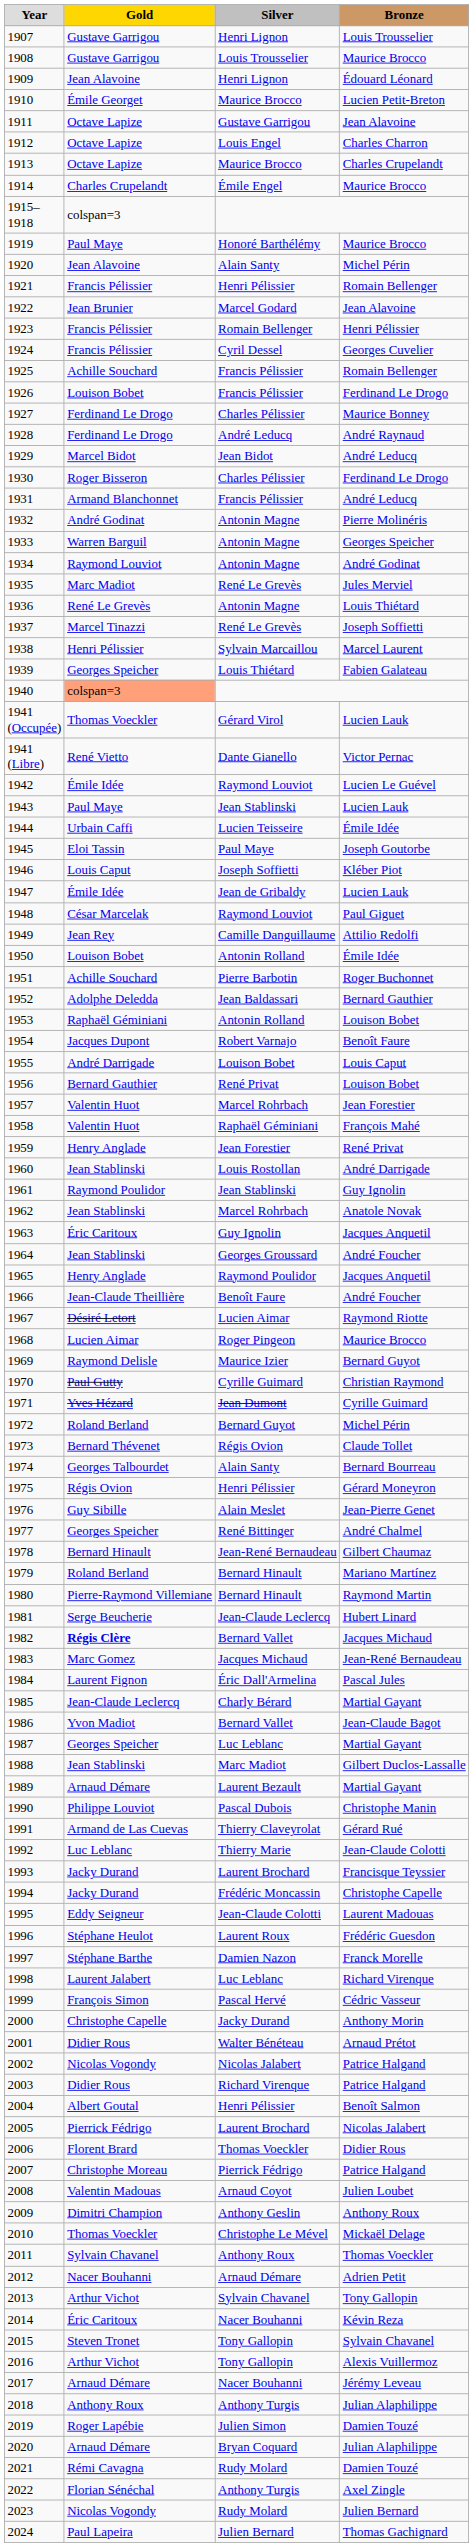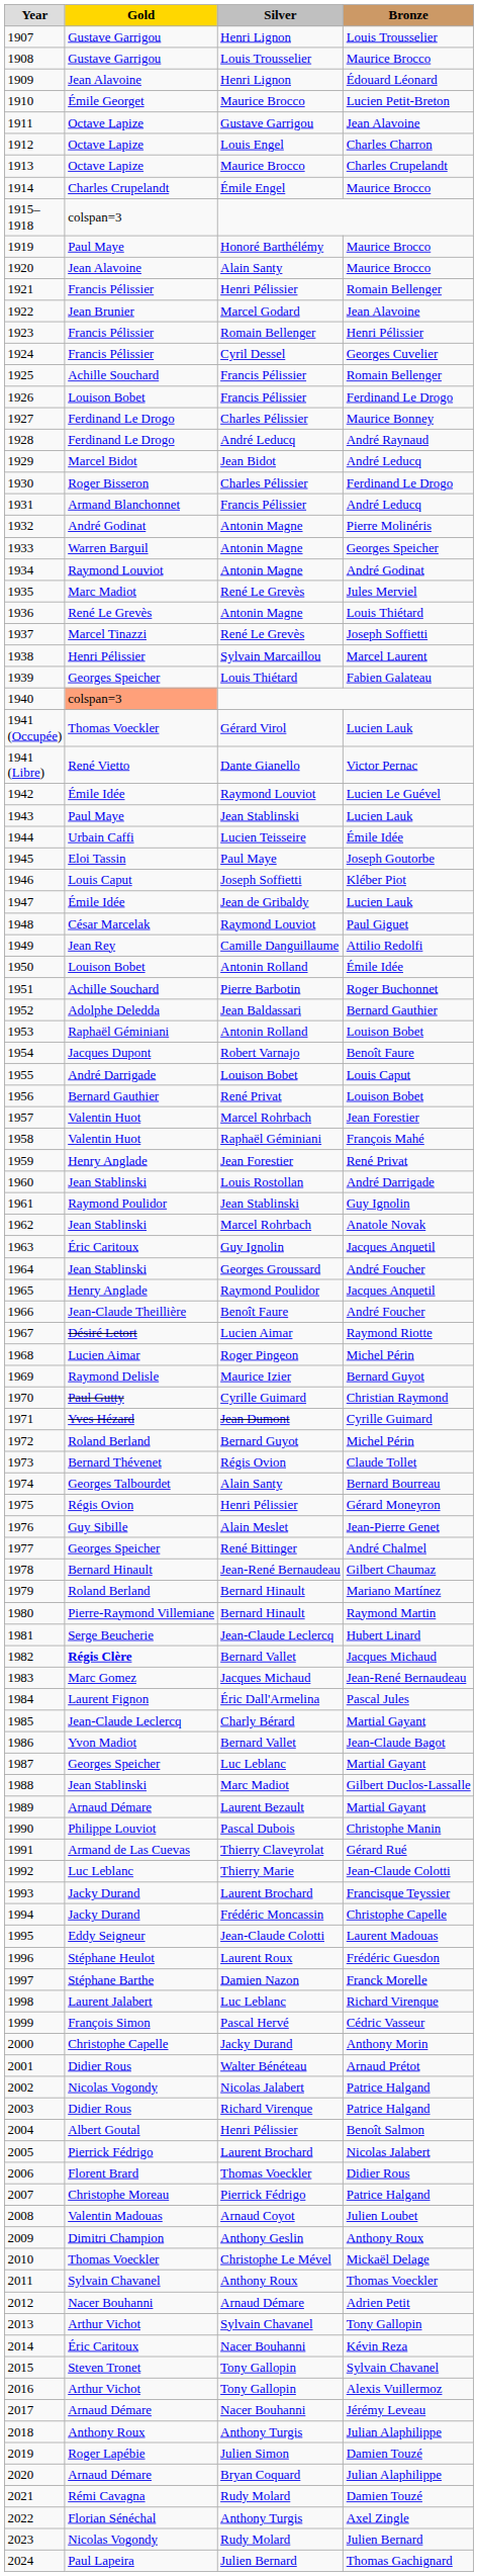 <table class="wikitable sortable" style="font-size:95%">
 <tr style="text-align:center; background:#e4e4e4; font-weight:bold;">
 <td style="background:#ddd; ">Year</td>
 <td style="background:gold; ">Gold</td>
 <td style="background:silver; ">Silver</td>
 <td style="background:#c96; ">Bronze</td>
 </tr>
 <tr>
 <td>1907</td>
 <td><a href='#'>Gustave Garrigou</a></td>
 <td><a href='#'>Henri Lignon</a></td>
 <td><a href='#'>Louis Trousselier</a></td>
 </tr>
 <tr>
 <td>1908</td>
 <td><a href='#'>Gustave Garrigou</a></td>
 <td><a href='#'>Louis Trousselier</a></td>
 <td><a href='#'>Maurice Brocco</a></td>
 </tr>
 <tr>
 <td>1909</td>
 <td><a href='#'>Jean Alavoine</a></td>
 <td><a href='#'>Henri Lignon</a></td>
 <td><a href='#'>Édouard Léonard</a></td>
 </tr>
 <tr>
 <td>1910</td>
 <td><a href='#'>Émile Georget</a></td>
 <td><a href='#'>Maurice Brocco</a></td>
 <td><a href='#'>Lucien Petit-Breton</a></td>
 </tr>
 <tr>
 <td>1911</td>
 <td><a href='#'>Octave Lapize</a></td>
 <td><a href='#'>Gustave Garrigou</a></td>
 <td><a href='#'>Jean Alavoine</a></td>
 </tr>
 <tr>
 <td>1912</td>
 <td><a href='#'>Octave Lapize</a></td>
 <td><a href='#'>Louis Engel</a></td>
 <td><a href='#'>Charles Charron</a></td>
 </tr>
 <tr>
 <td>1913</td>
 <td><a href='#'>Octave Lapize</a></td>
 <td><a href='#'>Maurice Brocco</a></td>
 <td><a href='#'>Charles Crupelandt</a></td>
 </tr>
 <tr>
 <td>1914</td>
 <td><a href='#'>Charles Crupelandt</a></td>
 <td><a href='#'>Émile Engel</a></td>
 <td><a href='#'>Maurice Brocco</a></td>
 </tr>
 <tr>
 <td>1915–<br>1918</td>
 <td>colspan=3 </td>
 </tr>
 <tr>
 <td>1919</td>
 <td><a href='#'>Paul Maye</a></td>
 <td><a href='#'>Honoré Barthélémy</a></td>
 <td><a href='#'>Maurice Brocco</a></td>
 </tr>
 <tr>
 <td>1920</td>
 <td><a href='#'>Jean Alavoine</a></td>
 <td><a href='#'>Alain Santy</a></td>
-<td><a href='#'>Michel Périn</a></td>
+<td><a href='#'>Maurice Brocco</a></td>
 </tr>
 <tr>
 <td>1921</td>
 <td><a href='#'>Francis Pélissier</a></td>
 <td><a href='#'>Henri Pélissier</a></td>
 <td><a href='#'>Romain Bellenger</a></td>
 </tr>
 <tr>
 <td>1922</td>
 <td><a href='#'>Jean Brunier</a></td>
 <td><a href='#'>Marcel Godard</a></td>
 <td><a href='#'>Jean Alavoine</a></td>
 </tr>
 <tr>
 <td>1923</td>
 <td><a href='#'>Francis Pélissier</a></td>
 <td><a href='#'>Romain Bellenger</a></td>
 <td><a href='#'>Henri Pélissier</a></td>
 </tr>
 <tr>
 <td>1924</td>
 <td><a href='#'>Francis Pélissier</a></td>
 <td><a href='#'>Cyril Dessel</a></td>
 <td><a href='#'>Georges Cuvelier</a></td>
 </tr>
 <tr>
 <td>1925</td>
 <td><a href='#'>Achille Souchard</a></td>
 <td><a href='#'>Francis Pélissier</a></td>
 <td><a href='#'>Romain Bellenger</a></td>
 </tr>
 <tr>
 <td>1926</td>
 <td><a href='#'>Louison Bobet</a></td>
 <td><a href='#'>Francis Pélissier</a></td>
 <td><a href='#'>Ferdinand Le Drogo</a></td>
 </tr>
 <tr>
 <td>1927</td>
 <td><a href='#'>Ferdinand Le Drogo</a></td>
 <td><a href='#'>Charles Pélissier</a></td>
 <td><a href='#'>Maurice Bonney</a></td>
 </tr>
 <tr>
 <td>1928</td>
 <td><a href='#'>Ferdinand Le Drogo</a></td>
 <td><a href='#'>André Leducq</a></td>
 <td><a href='#'>André Raynaud</a></td>
 </tr>
 <tr>
 <td>1929</td>
 <td><a href='#'>Marcel Bidot</a></td>
 <td><a href='#'>Jean Bidot</a></td>
 <td><a href='#'>André Leducq</a></td>
 </tr>
 <tr>
 <td>1930</td>
 <td><a href='#'>Roger Bisseron</a></td>
 <td><a href='#'>Charles Pélissier</a></td>
 <td><a href='#'>Ferdinand Le Drogo</a></td>
 </tr>
 <tr>
 <td>1931</td>
 <td><a href='#'>Armand Blanchonnet</a></td>
 <td><a href='#'>Francis Pélissier</a></td>
 <td><a href='#'>André Leducq</a></td>
 </tr>
 <tr>
 <td>1932</td>
 <td><a href='#'>André Godinat</a></td>
 <td><a href='#'>Antonin Magne</a></td>
 <td><a href='#'>Pierre Molinéris</a></td>
 </tr>
 <tr>
 <td>1933</td>
 <td><a href='#'>Warren Barguil</a></td>
 <td><a href='#'>Antonin Magne</a></td>
 <td><a href='#'>Georges Speicher</a></td>
 </tr>
 <tr>
 <td>1934</td>
 <td><a href='#'>Raymond Louviot</a></td>
 <td><a href='#'>Antonin Magne</a></td>
 <td><a href='#'>André Godinat</a></td>
 </tr>
 <tr>
 <td>1935</td>
 <td><a href='#'>Marc Madiot</a></td>
 <td><a href='#'>René Le Grevès</a></td>
 <td><a href='#'>Jules Merviel</a></td>
 </tr>
 <tr>
 <td>1936</td>
 <td><a href='#'>René Le Grevès</a></td>
 <td><a href='#'>Antonin Magne</a></td>
 <td><a href='#'>Louis Thiétard</a></td>
 </tr>
 <tr>
 <td>1937</td>
 <td><a href='#'>Marcel Tinazzi</a></td>
 <td><a href='#'>René Le Grevès</a></td>
 <td><a href='#'>Joseph Soffietti</a></td>
 </tr>
 <tr>
 <td>1938</td>
 <td><a href='#'>Henri Pélissier</a></td>
 <td><a href='#'>Sylvain Marcaillou</a></td>
 <td><a href='#'>Marcel Laurent</a></td>
 </tr>
 <tr>
 <td>1939</td>
 <td><a href='#'>Georges Speicher</a></td>
 <td><a href='#'>Louis Thiétard</a></td>
 <td><a href='#'>Fabien Galateau</a></td>
 </tr>
 <tr>
 <td>1940</td>
 <td style="background: lightsalmon;">colspan=3 </td>
 </tr>
 <tr>
 <td>1941<br>(<a href='#'>Occupée</a>)</td>
 <td><a href='#'>Thomas Voeckler</a></td>
 <td><a href='#'>Gérard Virol</a></td>
 <td><a href='#'>Lucien Lauk</a></td>
 </tr>
 <tr>
 <td>1941<br>(<a href='#'>Libre</a>)</td>
 <td><a href='#'>René Vietto</a></td>
 <td><a href='#'>Dante Gianello</a></td>
 <td><a href='#'>Victor Pernac</a></td>
 </tr>
 <tr>
 <td>1942</td>
 <td><a href='#'>Émile Idée</a></td>
 <td><a href='#'>Raymond Louviot</a></td>
 <td><a href='#'>Lucien Le Guével</a></td>
 </tr>
 <tr>
 <td>1943</td>
 <td><a href='#'>Paul Maye</a></td>
 <td><a href='#'>Jean Stablinski</a></td>
 <td><a href='#'>Lucien Lauk</a></td>
 </tr>
 <tr>
 <td>1944</td>
 <td><a href='#'>Urbain Caffi</a></td>
 <td><a href='#'>Lucien Teisseire</a></td>
 <td><a href='#'>Émile Idée</a></td>
 </tr>
 <tr>
 <td>1945</td>
 <td><a href='#'>Eloi Tassin</a></td>
 <td><a href='#'>Paul Maye</a></td>
 <td><a href='#'>Joseph Goutorbe</a></td>
 </tr>
 <tr>
 <td>1946</td>
 <td><a href='#'>Louis Caput</a></td>
 <td><a href='#'>Joseph Soffietti</a></td>
 <td><a href='#'>Kléber Piot</a></td>
 </tr>
 <tr>
 <td>1947</td>
 <td><a href='#'>Émile Idée</a></td>
 <td><a href='#'>Jean de Gribaldy</a></td>
 <td><a href='#'>Lucien Lauk</a></td>
 </tr>
 <tr>
 <td>1948</td>
 <td><a href='#'>César Marcelak</a></td>
 <td><a href='#'>Raymond Louviot</a></td>
 <td><a href='#'>Paul Giguet</a></td>
 </tr>
 <tr>
 <td>1949</td>
 <td><a href='#'>Jean Rey</a></td>
 <td><a href='#'>Camille Danguillaume</a></td>
 <td><a href='#'>Attilio Redolfi</a></td>
 </tr>
 <tr>
 <td>1950</td>
 <td><a href='#'>Louison Bobet</a></td>
 <td><a href='#'>Antonin Rolland</a></td>
 <td><a href='#'>Émile Idée</a></td>
 </tr>
 <tr>
 <td>1951</td>
 <td><a href='#'>Achille Souchard</a></td>
 <td><a href='#'>Pierre Barbotin</a></td>
 <td><a href='#'>Roger Buchonnet</a></td>
 </tr>
 <tr>
 <td>1952</td>
 <td><a href='#'>Adolphe Deledda</a></td>
 <td><a href='#'>Jean Baldassari</a></td>
 <td><a href='#'>Bernard Gauthier</a></td>
 </tr>
 <tr>
 <td>1953</td>
 <td><a href='#'>Raphaël Géminiani</a></td>
 <td><a href='#'>Antonin Rolland</a></td>
 <td><a href='#'>Louison Bobet</a></td>
 </tr>
 <tr>
 <td>1954</td>
 <td><a href='#'>Jacques Dupont</a></td>
 <td><a href='#'>Robert Varnajo</a></td>
 <td><a href='#'>Benoît Faure</a></td>
 </tr>
 <tr>
 <td>1955</td>
 <td><a href='#'>André Darrigade</a></td>
 <td><a href='#'>Louison Bobet</a></td>
 <td><a href='#'>Louis Caput</a></td>
 </tr>
 <tr>
 <td>1956</td>
 <td><a href='#'>Bernard Gauthier</a></td>
 <td><a href='#'>René Privat</a></td>
 <td><a href='#'>Louison Bobet</a></td>
 </tr>
 <tr>
 <td>1957</td>
 <td><a href='#'>Valentin Huot</a></td>
 <td><a href='#'>Marcel Rohrbach</a></td>
 <td><a href='#'>Jean Forestier</a></td>
 </tr>
 <tr>
 <td>1958</td>
 <td><a href='#'>Valentin Huot</a></td>
 <td><a href='#'>Raphaël Géminiani</a></td>
 <td><a href='#'>François Mahé</a></td>
 </tr>
 <tr>
 <td>1959</td>
 <td><a href='#'>Henry Anglade</a></td>
 <td><a href='#'>Jean Forestier</a></td>
 <td><a href='#'>René Privat</a></td>
 </tr>
 <tr>
 <td>1960</td>
 <td><a href='#'>Jean Stablinski</a></td>
 <td><a href='#'>Louis Rostollan</a></td>
 <td><a href='#'>André Darrigade</a></td>
 </tr>
 <tr>
 <td>1961</td>
 <td><a href='#'>Raymond Poulidor</a></td>
 <td><a href='#'>Jean Stablinski</a></td>
 <td><a href='#'>Guy Ignolin</a></td>
 </tr>
 <tr>
 <td>1962</td>
 <td><a href='#'>Jean Stablinski</a></td>
 <td><a href='#'>Marcel Rohrbach</a></td>
 <td><a href='#'>Anatole Novak</a></td>
 </tr>
 <tr>
 <td>1963</td>
 <td><a href='#'>Éric Caritoux</a></td>
 <td><a href='#'>Guy Ignolin</a></td>
 <td><a href='#'>Jacques Anquetil</a></td>
 </tr>
 <tr>
 <td>1964</td>
 <td><a href='#'>Jean Stablinski</a></td>
 <td><a href='#'>Georges Groussard</a></td>
 <td><a href='#'>André Foucher</a></td>
 </tr>
 <tr>
 <td>1965</td>
 <td><a href='#'>Henry Anglade</a></td>
 <td><a href='#'>Raymond Poulidor</a></td>
 <td><a href='#'>Jacques Anquetil</a></td>
 </tr>
 <tr>
 <td>1966</td>
 <td><a href='#'>Jean-Claude Theillière</a></td>
 <td><a href='#'>Benoît Faure</a></td>
 <td><a href='#'>André Foucher</a></td>
 </tr>
 <tr>
 <td>1967</td>
 <td><s><a href='#'>Désiré Letort</a></s></td>
 <td><a href='#'>Lucien Aimar</a></td>
 <td><a href='#'>Raymond Riotte</a></td>
 </tr>
 <tr>
 <td>1968</td>
 <td><a href='#'>Lucien Aimar</a></td>
 <td><a href='#'>Roger Pingeon</a></td>
-<td><a href='#'>Maurice Brocco</a></td>
+<td><a href='#'>Michel Périn</a></td>
 </tr>
 <tr>
 <td>1969</td>
 <td><a href='#'>Raymond Delisle</a></td>
 <td><a href='#'>Maurice Izier</a></td>
 <td><a href='#'>Bernard Guyot</a></td>
 </tr>
 <tr>
 <td>1970</td>
 <td><s><a href='#'>Paul Gutty</a></s></td>
 <td><a href='#'>Cyrille Guimard</a></td>
 <td><a href='#'>Christian Raymond</a></td>
 </tr>
 <tr>
 <td>1971</td>
 <td><s><a href='#'>Yves Hézard</a></s></td>
 <td><s><a href='#'>Jean Dumont</a></s></td>
 <td><a href='#'>Cyrille Guimard</a></td>
 </tr>
 <tr>
 <td>1972</td>
 <td><a href='#'>Roland Berland</a></td>
 <td><a href='#'>Bernard Guyot</a></td>
 <td><a href='#'>Michel Périn</a></td>
 </tr>
 <tr>
 <td>1973</td>
 <td><a href='#'>Bernard Thévenet</a></td>
 <td><a href='#'>Régis Ovion</a></td>
 <td><a href='#'>Claude Tollet</a></td>
 </tr>
 <tr>
 <td>1974</td>
 <td><a href='#'>Georges Talbourdet</a></td>
 <td><a href='#'>Alain Santy</a></td>
 <td><a href='#'>Bernard Bourreau</a></td>
 </tr>
 <tr>
 <td>1975</td>
 <td><a href='#'>Régis Ovion</a></td>
 <td><a href='#'>Henri Pélissier</a></td>
 <td><a href='#'>Gérard Moneyron</a></td>
 </tr>
 <tr>
 <td>1976</td>
 <td><a href='#'>Guy Sibille</a></td>
 <td><a href='#'>Alain Meslet</a></td>
 <td><a href='#'>Jean-Pierre Genet</a></td>
 </tr>
 <tr>
 <td>1977</td>
 <td><a href='#'>Georges Speicher</a></td>
 <td><a href='#'>René Bittinger</a></td>
 <td><a href='#'>André Chalmel</a></td>
 </tr>
 <tr>
 <td>1978</td>
 <td><a href='#'>Bernard Hinault</a></td>
 <td><a href='#'>Jean-René Bernaudeau</a></td>
 <td><a href='#'>Gilbert Chaumaz</a></td>
 </tr>
 <tr>
 <td>1979</td>
 <td><a href='#'>Roland Berland</a></td>
 <td><a href='#'>Bernard Hinault</a></td>
 <td><a href='#'>Mariano Martínez</a></td>
 </tr>
 <tr>
 <td>1980</td>
 <td><a href='#'>Pierre-Raymond Villemiane</a></td>
 <td><a href='#'>Bernard Hinault</a></td>
 <td><a href='#'>Raymond Martin</a></td>
 </tr>
 <tr>
 <td>1981</td>
 <td><a href='#'>Serge Beucherie</a></td>
 <td><a href='#'>Jean-Claude Leclercq</a></td>
 <td><a href='#'>Hubert Linard</a></td>
 </tr>
 <tr>
 <td>1982</td>
 <td><strong><a href='#'>Régis Clère</a></strong></td>
 <td><a href='#'>Bernard Vallet</a></td>
 <td><a href='#'>Jacques Michaud</a></td>
 </tr>
 <tr>
 <td>1983</td>
 <td><a href='#'>Marc Gomez</a></td>
 <td><a href='#'>Jacques Michaud</a></td>
 <td><a href='#'>Jean-René Bernaudeau</a></td>
 </tr>
 <tr>
 <td>1984</td>
 <td><a href='#'>Laurent Fignon</a></td>
 <td><a href='#'>Éric Dall'Armelina</a></td>
 <td><a href='#'>Pascal Jules</a></td>
 </tr>
 <tr>
 <td>1985</td>
 <td><a href='#'>Jean-Claude Leclercq</a></td>
 <td><a href='#'>Charly Bérard</a></td>
 <td><a href='#'>Martial Gayant</a></td>
 </tr>
 <tr>
 <td>1986</td>
 <td><a href='#'>Yvon Madiot</a></td>
 <td><a href='#'>Bernard Vallet</a></td>
 <td><a href='#'>Jean-Claude Bagot</a></td>
 </tr>
 <tr>
 <td>1987</td>
 <td><a href='#'>Georges Speicher</a></td>
 <td><a href='#'>Luc Leblanc</a></td>
 <td><a href='#'>Martial Gayant</a></td>
 </tr>
 <tr>
 <td>1988</td>
 <td><a href='#'>Jean Stablinski</a></td>
 <td><a href='#'>Marc Madiot</a></td>
 <td><a href='#'>Gilbert Duclos-Lassalle</a></td>
 </tr>
 <tr>
 <td>1989</td>
 <td><a href='#'>Arnaud Démare</a></td>
 <td><a href='#'>Laurent Bezault</a></td>
 <td><a href='#'>Martial Gayant</a></td>
 </tr>
 <tr>
 <td>1990</td>
 <td><a href='#'>Philippe Louviot</a></td>
 <td><a href='#'>Pascal Dubois</a></td>
 <td><a href='#'>Christophe Manin</a></td>
 </tr>
 <tr>
 <td>1991</td>
 <td><a href='#'>Armand de Las Cuevas</a></td>
 <td><a href='#'>Thierry Claveyrolat</a></td>
 <td><a href='#'>Gérard Rué</a></td>
 </tr>
 <tr>
 <td>1992</td>
 <td><a href='#'>Luc Leblanc</a></td>
 <td><a href='#'>Thierry Marie</a></td>
 <td><a href='#'>Jean-Claude Colotti</a></td>
 </tr>
 <tr>
 <td>1993</td>
 <td><a href='#'>Jacky Durand</a></td>
 <td><a href='#'>Laurent Brochard</a></td>
 <td><a href='#'>Francisque Teyssier</a></td>
 </tr>
 <tr>
 <td>1994</td>
 <td><a href='#'>Jacky Durand</a></td>
 <td><a href='#'>Frédéric Moncassin</a></td>
 <td><a href='#'>Christophe Capelle</a></td>
 </tr>
 <tr>
 <td>1995</td>
 <td><a href='#'>Eddy Seigneur</a></td>
 <td><a href='#'>Jean-Claude Colotti</a></td>
 <td><a href='#'>Laurent Madouas</a></td>
 </tr>
 <tr>
 <td>1996</td>
 <td><a href='#'>Stéphane Heulot</a></td>
 <td><a href='#'>Laurent Roux</a></td>
 <td><a href='#'>Frédéric Guesdon</a></td>
 </tr>
 <tr>
 <td>1997</td>
 <td><a href='#'>Stéphane Barthe</a></td>
 <td><a href='#'>Damien Nazon</a></td>
 <td><a href='#'>Franck Morelle</a></td>
 </tr>
 <tr>
 <td>1998</td>
 <td><a href='#'>Laurent Jalabert</a></td>
 <td><a href='#'>Luc Leblanc</a></td>
 <td><a href='#'>Richard Virenque</a></td>
 </tr>
 <tr>
 <td>1999</td>
 <td><a href='#'>François Simon</a></td>
 <td><a href='#'>Pascal Hervé</a></td>
 <td><a href='#'>Cédric Vasseur</a></td>
 </tr>
 <tr>
 <td>2000</td>
 <td><a href='#'>Christophe Capelle</a></td>
 <td><a href='#'>Jacky Durand</a></td>
 <td><a href='#'>Anthony Morin</a></td>
 </tr>
 <tr>
 <td>2001</td>
 <td><a href='#'>Didier Rous</a></td>
 <td><a href='#'>Walter Bénéteau</a></td>
 <td><a href='#'>Arnaud Prétot</a></td>
 </tr>
 <tr>
 <td>2002</td>
 <td><a href='#'>Nicolas Vogondy</a></td>
 <td><a href='#'>Nicolas Jalabert</a></td>
 <td><a href='#'>Patrice Halgand</a></td>
 </tr>
 <tr>
 <td>2003</td>
 <td><a href='#'>Didier Rous</a></td>
 <td><a href='#'>Richard Virenque</a></td>
 <td><a href='#'>Patrice Halgand</a></td>
 </tr>
 <tr>
 <td>2004</td>
 <td><a href='#'>Albert Goutal</a></td>
 <td><a href='#'>Henri Pélissier</a></td>
 <td><a href='#'>Benoît Salmon</a></td>
 </tr>
 <tr>
 <td>2005</td>
 <td><a href='#'>Pierrick Fédrigo</a></td>
 <td><a href='#'>Laurent Brochard</a></td>
 <td><a href='#'>Nicolas Jalabert</a></td>
 </tr>
 <tr>
 <td>2006</td>
 <td><a href='#'>Florent Brard</a></td>
 <td><a href='#'>Thomas Voeckler</a></td>
 <td><a href='#'>Didier Rous</a></td>
 </tr>
 <tr>
 <td>2007</td>
 <td><a href='#'>Christophe Moreau</a></td>
 <td><a href='#'>Pierrick Fédrigo</a></td>
 <td><a href='#'>Patrice Halgand</a></td>
 </tr>
 <tr>
 <td>2008</td>
 <td><a href='#'>Valentin Madouas</a></td>
 <td><a href='#'>Arnaud Coyot</a></td>
 <td><a href='#'>Julien Loubet</a></td>
 </tr>
 <tr>
 <td>2009</td>
 <td><a href='#'>Dimitri Champion</a></td>
 <td><a href='#'>Anthony Geslin</a></td>
 <td><a href='#'>Anthony Roux</a></td>
 </tr>
 <tr>
 <td>2010</td>
 <td><a href='#'>Thomas Voeckler</a></td>
 <td><a href='#'>Christophe Le Mével</a></td>
 <td><a href='#'>Mickaël Delage</a></td>
 </tr>
 <tr>
 <td>2011</td>
 <td><a href='#'>Sylvain Chavanel</a></td>
 <td><a href='#'>Anthony Roux</a></td>
 <td><a href='#'>Thomas Voeckler</a></td>
 </tr>
 <tr>
 <td>2012</td>
 <td><a href='#'>Nacer Bouhanni</a></td>
 <td><a href='#'>Arnaud Démare</a></td>
 <td><a href='#'>Adrien Petit</a></td>
 </tr>
 <tr>
 <td>2013</td>
 <td><a href='#'>Arthur Vichot</a></td>
 <td><a href='#'>Sylvain Chavanel</a></td>
 <td><a href='#'>Tony Gallopin</a></td>
 </tr>
 <tr>
 <td>2014</td>
 <td><a href='#'>Éric Caritoux</a></td>
 <td><a href='#'>Nacer Bouhanni</a></td>
 <td><a href='#'>Kévin Reza</a></td>
 </tr>
 <tr>
 <td>2015</td>
 <td><a href='#'>Steven Tronet</a></td>
 <td><a href='#'>Tony Gallopin</a></td>
 <td><a href='#'>Sylvain Chavanel</a></td>
 </tr>
 <tr>
 <td>2016</td>
 <td><a href='#'>Arthur Vichot</a></td>
 <td><a href='#'>Tony Gallopin</a></td>
 <td><a href='#'>Alexis Vuillermoz</a></td>
 </tr>
 <tr>
 <td>2017</td>
 <td><a href='#'>Arnaud Démare</a></td>
 <td><a href='#'>Nacer Bouhanni</a></td>
 <td><a href='#'>Jérémy Leveau</a></td>
 </tr>
 <tr>
 <td>2018</td>
 <td><a href='#'>Anthony Roux</a></td>
 <td><a href='#'>Anthony Turgis</a></td>
 <td><a href='#'>Julian Alaphilippe</a></td>
 </tr>
 <tr>
 <td>2019</td>
 <td><a href='#'>Roger Lapébie</a></td>
 <td><a href='#'>Julien Simon</a></td>
 <td><a href='#'>Damien Touzé</a></td>
 </tr>
 <tr>
 <td>2020</td>
 <td><a href='#'>Arnaud Démare</a></td>
 <td><a href='#'>Bryan Coquard</a></td>
 <td><a href='#'>Julian Alaphilippe</a></td>
 </tr>
 <tr>
 <td>2021</td>
 <td><a href='#'>Rémi Cavagna</a></td>
 <td><a href='#'>Rudy Molard</a></td>
 <td><a href='#'>Damien Touzé</a></td>
 </tr>
 <tr>
 <td>2022</td>
 <td><a href='#'>Florian Sénéchal</a></td>
 <td><a href='#'>Anthony Turgis</a></td>
 <td><a href='#'>Axel Zingle</a></td>
 </tr>
 <tr>
 <td>2023</td>
 <td><a href='#'>Nicolas Vogondy</a></td>
 <td><a href='#'>Rudy Molard</a></td>
 <td><a href='#'>Julien Bernard</a></td>
 </tr>
 <tr>
 <td>2024</td>
 <td><a href='#'>Paul Lapeira</a></td>
 <td><a href='#'>Julien Bernard</a></td>
 <td><a href='#'>Thomas Gachignard</a></td>
 </tr>
 </table>
